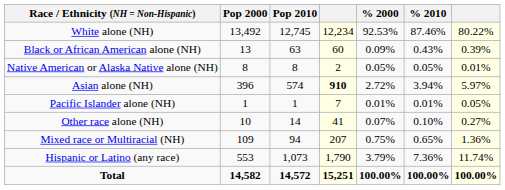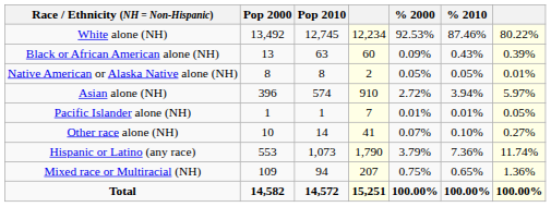 <table class="wikitable" style="text-align:center;">
 <tr>
 <th>Race / Ethnicity <small>(<em>NH = Non-Hispanic</em>)</small></th>
 <th>Pop 2000</th>
 <th>Pop 2010</th>
 <th></th>
 <th>% 2000</th>
 <th>% 2010</th>
 <th></th>
 </tr>
 <tr>
 <td><a href='#'>White</a> alone (NH)</td>
 <td>13,492</td>
 <td>12,745</td>
 <td style='background: #ffffe6;'>12,234</td>
 <td>92.53%</td>
 <td>87.46%</td>
 <td style='background: #ffffe6;'>80.22%</td>
 </tr>
 <tr>
 <td><a href='#'>Black or African American</a> alone (NH)</td>
 <td>13</td>
 <td>63</td>
 <td style='background: #ffffe6;'>60</td>
 <td>0.09%</td>
 <td>0.43%</td>
 <td style='background: #ffffe6;'>0.39%</td>
 </tr>
 <tr>
 <td><a href='#'>Native American</a> or <a href='#'>Alaska Native</a> alone (NH)</td>
 <td>8</td>
 <td>8</td>
 <td style='background: #ffffe6;'>2</td>
 <td>0.05%</td>
 <td>0.05%</td>
 <td style='background: #ffffe6;'>0.01%</td>
 </tr>
 <tr>
 <td><a href='#'>Asian</a> alone (NH)</td>
 <td>396</td>
 <td>574</td>
-<td style='background: #ffffe6;'><strong>910</strong></td>
+<td style='background: #ffffe6;'>910</td>
 <td>2.72%</td>
 <td>3.94%</td>
 <td style='background: #ffffe6;'>5.97%</td>
 </tr>
 <tr>
 <td><a href='#'>Pacific Islander</a> alone (NH)</td>
 <td>1</td>
 <td>1</td>
 <td style='background: #ffffe6;'>7</td>
 <td>0.01%</td>
 <td>0.01%</td>
 <td style='background: #ffffe6;'>0.05%</td>
 </tr>
 <tr>
 <td><a href='#'>Other race</a> alone (NH)</td>
 <td>10</td>
 <td>14</td>
 <td style='background: #ffffe6;'>41</td>
 <td>0.07%</td>
 <td>0.10%</td>
 <td style='background: #ffffe6;'>0.27%</td>
 </tr>
 <tr>
+<td><a href='#'>Hispanic or Latino</a> (any race)</td>
+<td>553</td>
+<td>1,073</td>
+<td style='background: #ffffe6;'>1,790</td>
+<td>3.79%</td>
+<td>7.36%</td>
+<td style='background: #ffffe6;'>11.74%</td>
+</tr>
+<tr>
 <td><a href='#'>Mixed race or Multiracial</a> (NH)</td>
 <td>109</td>
 <td>94</td>
 <td style='background: #ffffe6;'>207</td>
 <td>0.75%</td>
 <td>0.65%</td>
 <td style='background: #ffffe6;'>1.36%</td>
-</tr>
-<tr>
-<td><a href='#'>Hispanic or Latino</a> (any race)</td>
-<td>553</td>
-<td>1,073</td>
-<td style='background: #ffffe6;'>1,790</td>
-<td>3.79%</td>
-<td>7.36%</td>
-<td style='background: #ffffe6;'>11.74%</td>
 </tr>
 <tr>
 <td><strong>Total</strong></td>
 <td><strong>14,582</strong></td>
 <td><strong>14,572</strong></td>
 <td style='background: #ffffe6;'><strong>15,251</strong></td>
 <td><strong>100.00%</strong></td>
 <td><strong>100.00%</strong></td>
 <td style='background: #ffffe6;'><strong>100.00%</strong></td>
 </tr>
 </table>
